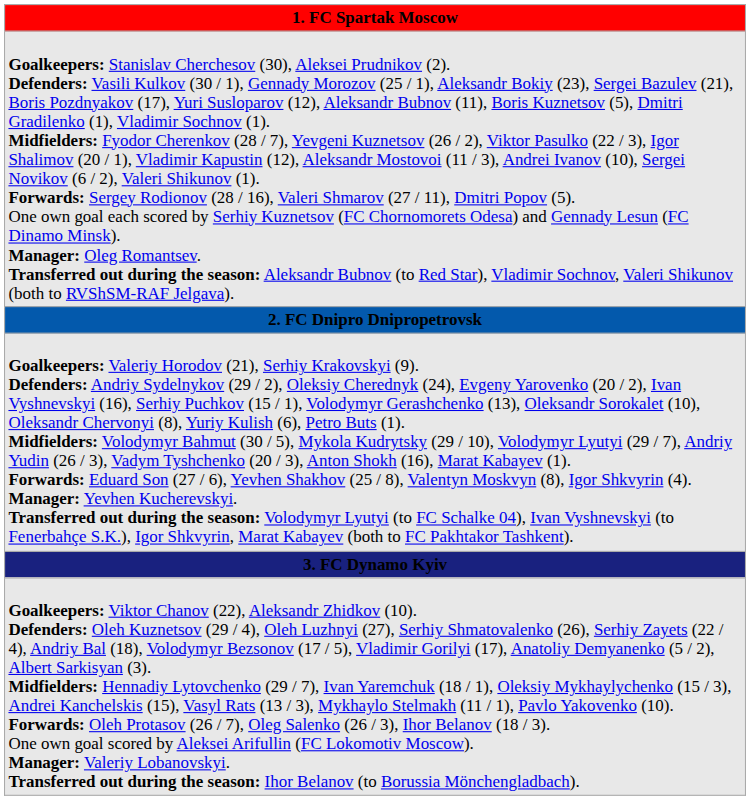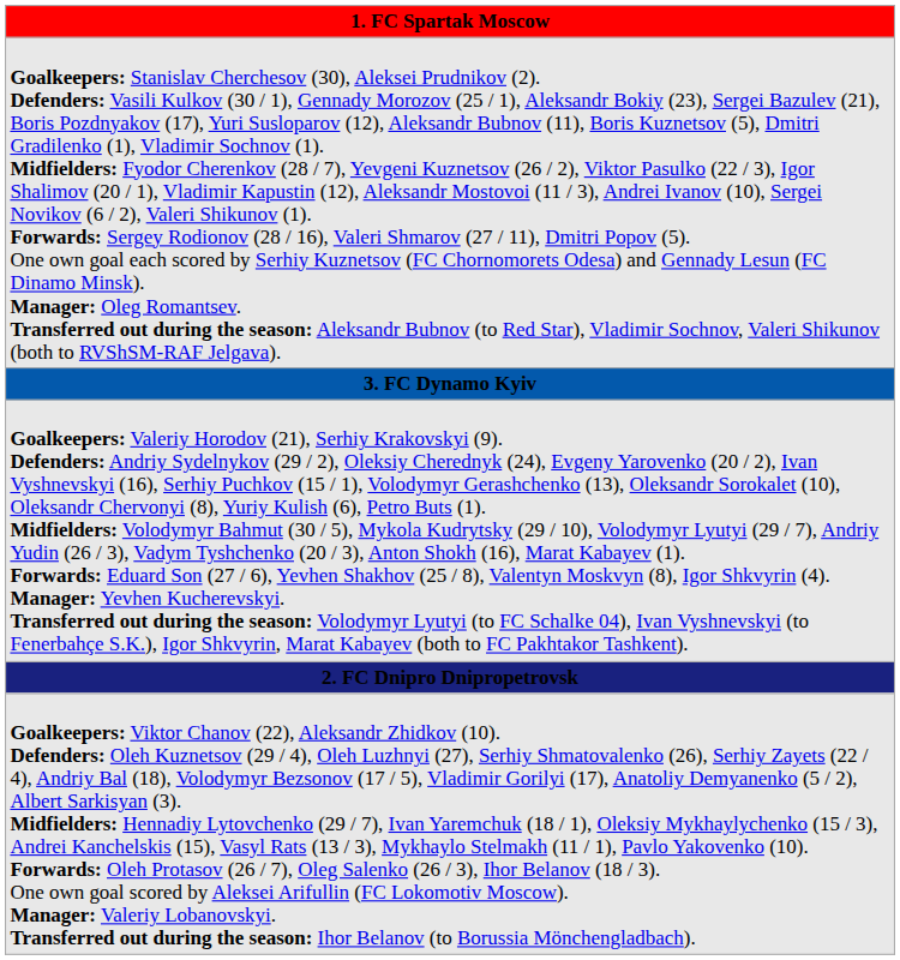 <table class="wikitable" style="width:700px;">
 <tr style="background:#f00;">
 <td style="text-align:center; width:700px;"><span> <strong>1. FC Spartak Moscow</strong> </span></td>
 </tr>
 <tr style="background:#e8e8e8;">
 <td style="text-align:left; width:700px;"><br><strong>Goalkeepers:</strong> <a href='#'>Stanislav Cherchesov</a> (30), <a href='#'>Aleksei Prudnikov</a> (2).<br> <strong>Defenders:</strong> <a href='#'>Vasili Kulkov</a> (30 / 1), <a href='#'>Gennady Morozov</a> (25 / 1), <a href='#'>Aleksandr Bokiy</a> (23), <a href='#'>Sergei Bazulev</a> (21), <a href='#'>Boris Pozdnyakov</a> (17), <a href='#'>Yuri Susloparov</a> (12), <a href='#'>Aleksandr Bubnov</a> (11), <a href='#'>Boris Kuznetsov</a> (5), <a href='#'>Dmitri Gradilenko</a> (1), <a href='#'>Vladimir Sochnov</a> (1).<br> <strong>Midfielders:</strong> <a href='#'>Fyodor Cherenkov</a> (28 / 7), <a href='#'>Yevgeni Kuznetsov</a> (26 / 2), <a href='#'>Viktor Pasulko</a> (22 / 3), <a href='#'>Igor Shalimov</a> (20 / 1), <a href='#'>Vladimir Kapustin</a> (12), <a href='#'>Aleksandr Mostovoi</a> (11 / 3), <a href='#'>Andrei Ivanov</a> (10), <a href='#'>Sergei Novikov</a> (6 / 2), <a href='#'>Valeri Shikunov</a> (1).<br> <strong>Forwards:</strong> <a href='#'>Sergey Rodionov</a> (28 / 16), <a href='#'>Valeri Shmarov</a> (27 / 11), <a href='#'>Dmitri Popov</a> (5).<br>One own goal each scored by <a href='#'>Serhiy Kuznetsov</a> (<a href='#'>FC Chornomorets Odesa</a>) and <a href='#'>Gennady Lesun</a> (<a href='#'>FC Dinamo Minsk</a>).<br><strong>Manager:</strong> <a href='#'>Oleg Romantsev</a>.<br><strong>Transferred out during the season:</strong> <a href='#'>Aleksandr Bubnov</a> (to  <a href='#'>Red Star</a>), <a href='#'>Vladimir Sochnov</a>, <a href='#'>Valeri Shikunov</a> (both to <a href='#'>RVShSM-RAF Jelgava</a>).</td>
 </tr>
 <tr style="background:#0359ac;">
-<td style="text-align:center; width:700px;"><span> <strong>2. FC Dnipro Dnipropetrovsk</strong> </span></td>
+<td style="text-align:center; width:700px;"><span> <strong>3. FC Dynamo Kyiv</strong> </span></td>
 </tr>
 <tr style="background:#e8e8e8;">
 <td style="text-align:left; width:700px;"><br><strong>Goalkeepers:</strong> <a href='#'>Valeriy Horodov</a> (21), <a href='#'>Serhiy Krakovskyi</a> (9).<br> <strong>Defenders:</strong> <a href='#'>Andriy Sydelnykov</a> (29 / 2), <a href='#'>Oleksiy Cherednyk</a> (24), <a href='#'>Evgeny Yarovenko</a> (20 / 2), <a href='#'>Ivan Vyshnevskyi</a> (16), <a href='#'>Serhiy Puchkov</a> (15 / 1), <a href='#'>Volodymyr Gerashchenko</a> (13), <a href='#'>Oleksandr Sorokalet</a> (10), <a href='#'>Oleksandr Chervonyi</a> (8), <a href='#'>Yuriy Kulish</a> (6), <a href='#'>Petro Buts</a> (1).<br> <strong>Midfielders:</strong> <a href='#'>Volodymyr Bahmut</a> (30 / 5), <a href='#'>Mykola Kudrytsky</a> (29 / 10), <a href='#'>Volodymyr Lyutyi</a> (29 / 7), <a href='#'>Andriy Yudin</a> (26 / 3), <a href='#'>Vadym Tyshchenko</a> (20 / 3), <a href='#'>Anton Shokh</a> (16), <a href='#'>Marat Kabayev</a> (1).<br> <strong>Forwards:</strong> <a href='#'>Eduard Son</a> (27 / 6), <a href='#'>Yevhen Shakhov</a> (25 / 8), <a href='#'>Valentyn Moskvyn</a> (8), <a href='#'>Igor Shkvyrin</a> (4).<br><strong>Manager:</strong> <a href='#'>Yevhen Kucherevskyi</a>.<br><strong>Transferred out during the season:</strong> <a href='#'>Volodymyr Lyutyi</a> (to  <a href='#'>FC Schalke 04</a>), <a href='#'>Ivan Vyshnevskyi</a> (to  <a href='#'>Fenerbahçe S.K.</a>), <a href='#'>Igor Shkvyrin</a>, <a href='#'>Marat Kabayev</a> (both to <a href='#'>FC Pakhtakor Tashkent</a>).</td>
 </tr>
 <tr style="background:#19217f;">
-<td style="text-align:center; width:700px;"><span> <strong>3. FC Dynamo Kyiv</strong> </span></td>
+<td style="text-align:center; width:700px;"><span> <strong>2. FC Dnipro Dnipropetrovsk</strong> </span></td>
 </tr>
 <tr style="background:#e8e8e8;">
 <td style="text-align:left; width:700px;"><br><strong>Goalkeepers:</strong> <a href='#'>Viktor Chanov</a> (22), <a href='#'>Aleksandr Zhidkov</a> (10).<br> <strong>Defenders:</strong> <a href='#'>Oleh Kuznetsov</a> (29 / 4), <a href='#'>Oleh Luzhnyi</a> (27), <a href='#'>Serhiy Shmatovalenko</a> (26), <a href='#'>Serhiy Zayets</a> (22 / 4), <a href='#'>Andriy Bal</a> (18), <a href='#'>Volodymyr Bezsonov</a> (17 / 5), <a href='#'>Vladimir Gorilyi</a> (17), <a href='#'>Anatoliy Demyanenko</a> (5 / 2), <a href='#'>Albert Sarkisyan</a> (3).<br> <strong>Midfielders:</strong> <a href='#'>Hennadiy Lytovchenko</a> (29 / 7), <a href='#'>Ivan Yaremchuk</a> (18 / 1), <a href='#'>Oleksiy Mykhaylychenko</a> (15 / 3), <a href='#'>Andrei Kanchelskis</a> (15), <a href='#'>Vasyl Rats</a> (13 / 3), <a href='#'>Mykhaylo Stelmakh</a> (11 / 1), <a href='#'>Pavlo Yakovenko</a> (10).<br> <strong>Forwards:</strong> <a href='#'>Oleh Protasov</a> (26 / 7), <a href='#'>Oleg Salenko</a> (26 / 3), <a href='#'>Ihor Belanov</a> (18 / 3).<br>One own goal scored by <a href='#'>Aleksei Arifullin</a> (<a href='#'>FC Lokomotiv Moscow</a>).<br><strong>Manager:</strong> <a href='#'>Valeriy Lobanovskyi</a>.<br><strong>Transferred out during the season:</strong> <a href='#'>Ihor Belanov</a> (to  <a href='#'>Borussia Mönchengladbach</a>).</td>
 </tr>
 </table>
